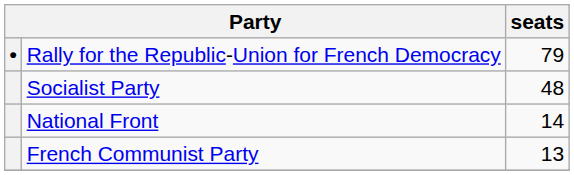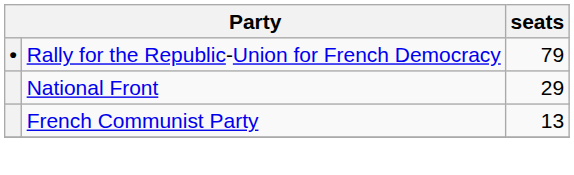 <table class="wikitable" style="font-size: 95%;">
 <tr>
 <th colspan=2>Party</th>
 <th>seats</th>
 </tr>
 <tr>
 <th style="background-color: "><span>•</span></th>
 <td><a href='#'>Rally for the Republic</a>-<a href='#'>Union for French Democracy</a></td>
 <td align="right">79</td>
 </tr>
 <tr>
 <th style="background-color: "></th>
-<td><a href='#'>Socialist Party</a></td>
-<td align="right">48</td>
-</tr>
-<tr>
-<th style="background-color: "></th>
 <td><a href='#'>National Front</a></td>
-<td align="right">14</td>
+<td align="right">29</td>
 </tr>
 <tr>
 <th style="background-color: "></th>
 <td><a href='#'>French Communist Party</a></td>
 <td align="right">13</td>
 </tr>
 <tr>
 </tr>
 </table>
